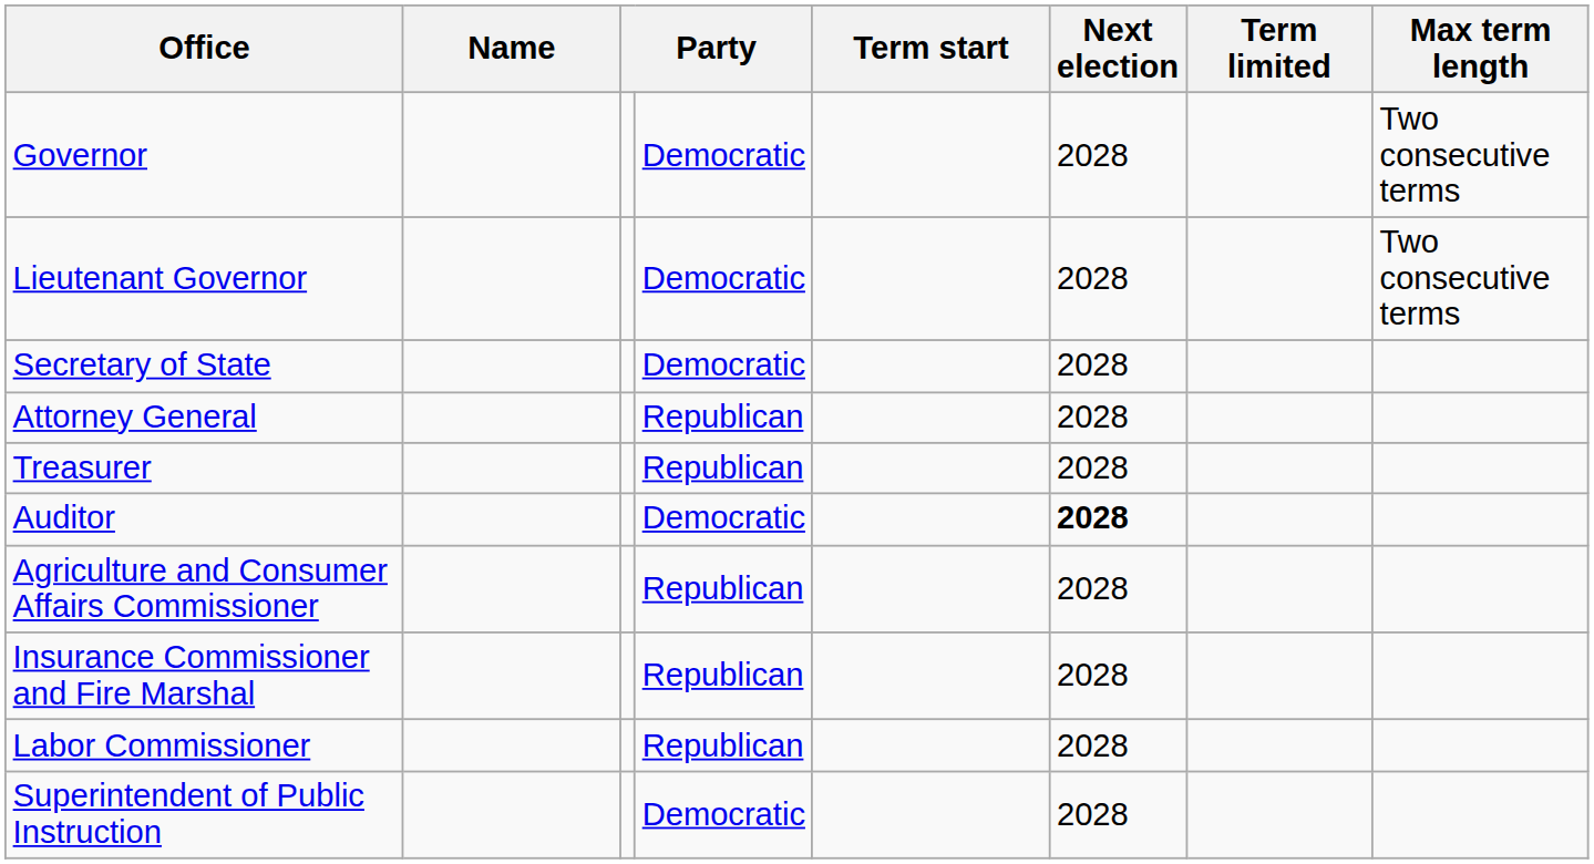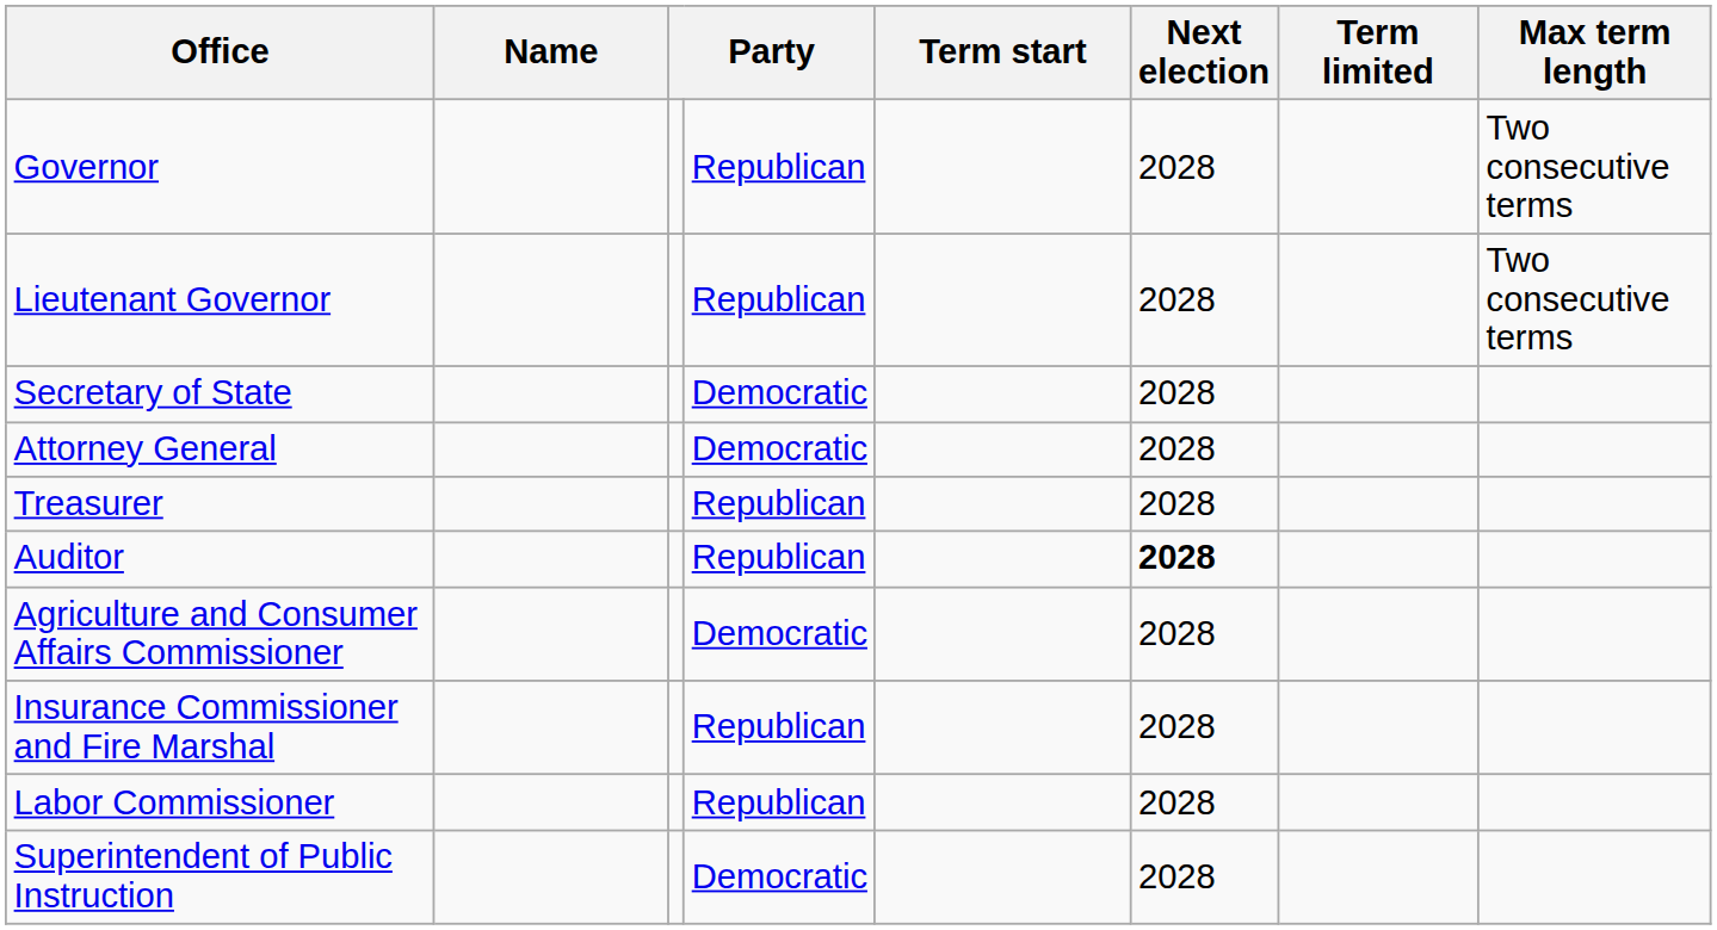 <table class="sortable wikitable">
 <tr>
 <th scope="col" width=190>Office</th>
 <th scope="col" width=100>Name</th>
 <th scope="col" width=75 colspan=2>Party</th>
 <th scope="col" width=110>Term start</th>
 <th scope="col" width=50>Next election</th>
 <th scope="col" width=85>Term limited</th>
 <th scope="col" width=100>Max term length</th>
 </tr>
 <tr>
 <td><a href='#'>Governor</a></td>
 <td></td>
 <td style="background-color:"></td>
-<td><a href='#'>Democratic</a></td>
+<td><a href='#'>Republican</a></td>
 <td></td>
 <td>2028</td>
 <td></td>
 <td>Two consecutive terms</td>
 </tr>
 <tr>
 <td><a href='#'>Lieutenant Governor</a></td>
 <td></td>
 <td style="background-color:"></td>
-<td><a href='#'>Democratic</a></td>
+<td><a href='#'>Republican</a></td>
 <td></td>
 <td>2028</td>
 <td></td>
 <td>Two consecutive terms</td>
 </tr>
 <tr>
 <td><a href='#'>Secretary of State</a></td>
 <td></td>
 <td style="background-color:"></td>
 <td><a href='#'>Democratic</a></td>
 <td></td>
 <td>2028</td>
 <td></td>
 <td></td>
 </tr>
 <tr>
 <td><a href='#'>Attorney General</a></td>
 <td></td>
 <td style="background-color:"></td>
-<td><a href='#'>Republican</a></td>
+<td><a href='#'>Democratic</a></td>
 <td></td>
 <td>2028</td>
 <td></td>
 <td></td>
 </tr>
 <tr>
 <td><a href='#'>Treasurer</a></td>
 <td></td>
 <td style="background-color:"></td>
 <td><a href='#'>Republican</a></td>
 <td></td>
 <td>2028</td>
 <td></td>
 <td></td>
 </tr>
 <tr>
 <td><a href='#'>Auditor</a></td>
 <td></td>
 <td style="background-color:"></td>
-<td><a href='#'>Democratic</a></td>
+<td><a href='#'>Republican</a></td>
 <td></td>
 <td><strong>2028</strong></td>
 <td></td>
 <td></td>
 </tr>
 <tr>
 <td><a href='#'>Agriculture and Consumer Affairs Commissioner</a></td>
 <td></td>
 <td style="background-color:"></td>
-<td><a href='#'>Republican</a></td>
+<td><a href='#'>Democratic</a></td>
 <td></td>
 <td>2028</td>
 <td></td>
 <td></td>
 </tr>
 <tr>
 <td><a href='#'>Insurance Commissioner and Fire Marshal</a></td>
 <td></td>
 <td style="background-color:"></td>
 <td><a href='#'>Republican</a></td>
 <td></td>
 <td>2028</td>
 <td></td>
 <td></td>
 </tr>
 <tr>
 <td><a href='#'>Labor Commissioner</a></td>
 <td></td>
 <td style="background-color:"></td>
 <td><a href='#'>Republican</a></td>
 <td></td>
 <td>2028</td>
 <td></td>
 <td></td>
 </tr>
 <tr>
 <td><a href='#'>Superintendent of Public Instruction</a></td>
 <td></td>
 <td style="background-color:"></td>
 <td><a href='#'>Democratic</a></td>
 <td></td>
 <td>2028</td>
 <td></td>
 <td></td>
 </tr>
 </table>
